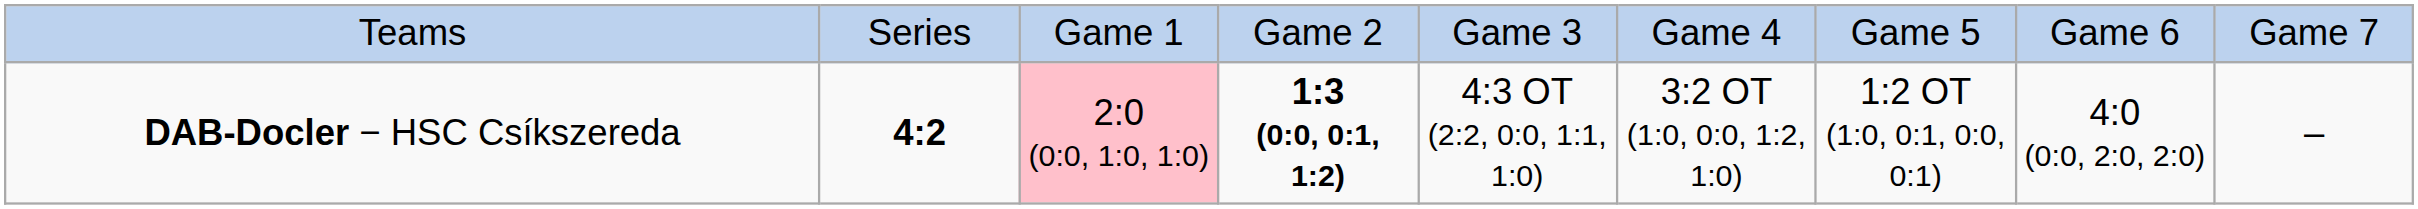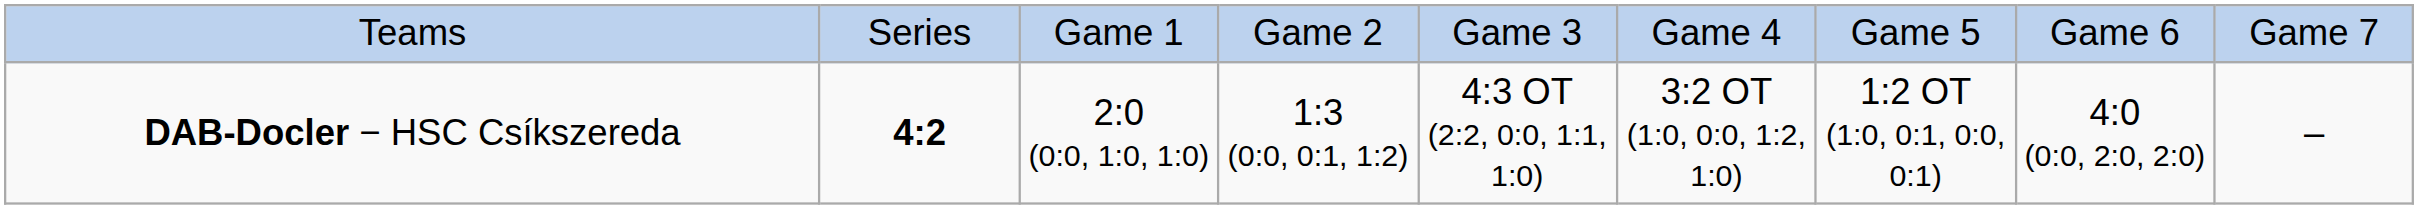 <table class="wikitable" style="text-align:center">
 <tr style="background-color:#BCD2EE" |>
 <td style="width:350px">Teams</td>
 <td style="width:80px">Series</td>
 <td style="width:80px">Game 1</td>
 <td style="width:80px">Game 2</td>
 <td style="width:80px">Game 3</td>
 <td style="width:80px">Game 4</td>
 <td style="width:80px">Game 5</td>
 <td style="width:80px">Game 6</td>
 <td style="width:80px">Game 7</td>
 </tr>
 <tr>
 <td><strong>DAB-Docler</strong> − HSC Csíkszereda</td>
 <td><strong>4:2</strong></td>
-<td style="background: pink;">2:0 <br><small>(0:0, 1:0, 1:0)</small></td>
-<td><strong>1:3 <br><small>(0:0, 0:1, 1:2)</small></strong></td>
+<td>2:0 <br><small>(0:0, 1:0, 1:0)</small></td>
+<td>1:3 <br><small>(0:0, 0:1, 1:2)</small></td>
 <td>4:3 OT <br><small>(2:2, 0:0, 1:1, 1:0)</small></td>
 <td>3:2 OT <br><small>(1:0, 0:0, 1:2, 1:0)</small></td>
 <td>1:2 OT <br><small>(1:0, 0:1, 0:0, 0:1)</small></td>
 <td>4:0 <br><small>(0:0, 2:0, 2:0)</small></td>
 <td>–</td>
 </tr>
 </table>
